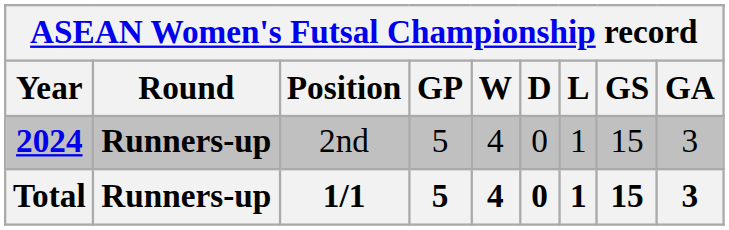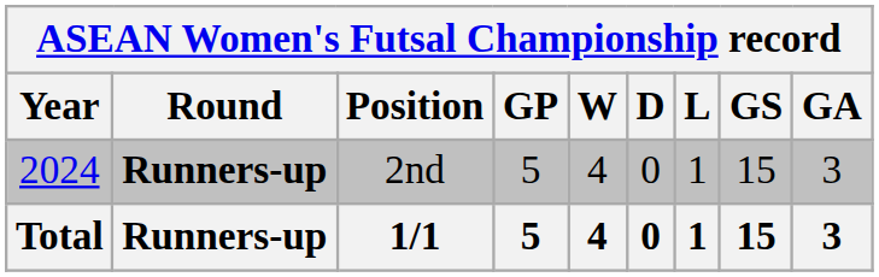 <table class="wikitable" style="text-align: center;font-size:90%;">
 <tr>
 <th colspan=9><a href='#'>ASEAN Women's Futsal Championship</a> record</th>
 </tr>
 <tr>
 <th>Year</th>
 <th>Round</th>
 <th>Position</th>
 <th>GP</th>
 <th>W</th>
 <th>D</th>
 <th>L</th>
 <th>GS</th>
 <th>GA</th>
 </tr>
 <tr bgcolor=silver>
-<td><strong> <a href='#'>2024</a></strong></td>
+<td> <a href='#'>2024</a></td>
 <td><strong>Runners-up</strong></td>
 <td>2nd</td>
 <td>5</td>
 <td>4</td>
 <td>0</td>
 <td>1</td>
 <td>15</td>
 <td>3</td>
 </tr>
 <tr>
 <th><strong>Total</strong></th>
 <th><strong>Runners-up</strong></th>
 <th><strong>1/1</strong></th>
 <th><strong>5</strong></th>
 <th><strong>4</strong></th>
 <th><strong>0</strong></th>
 <th><strong>1</strong></th>
 <th><strong>15</strong></th>
 <th><strong>3</strong></th>
 </tr>
 </table>
